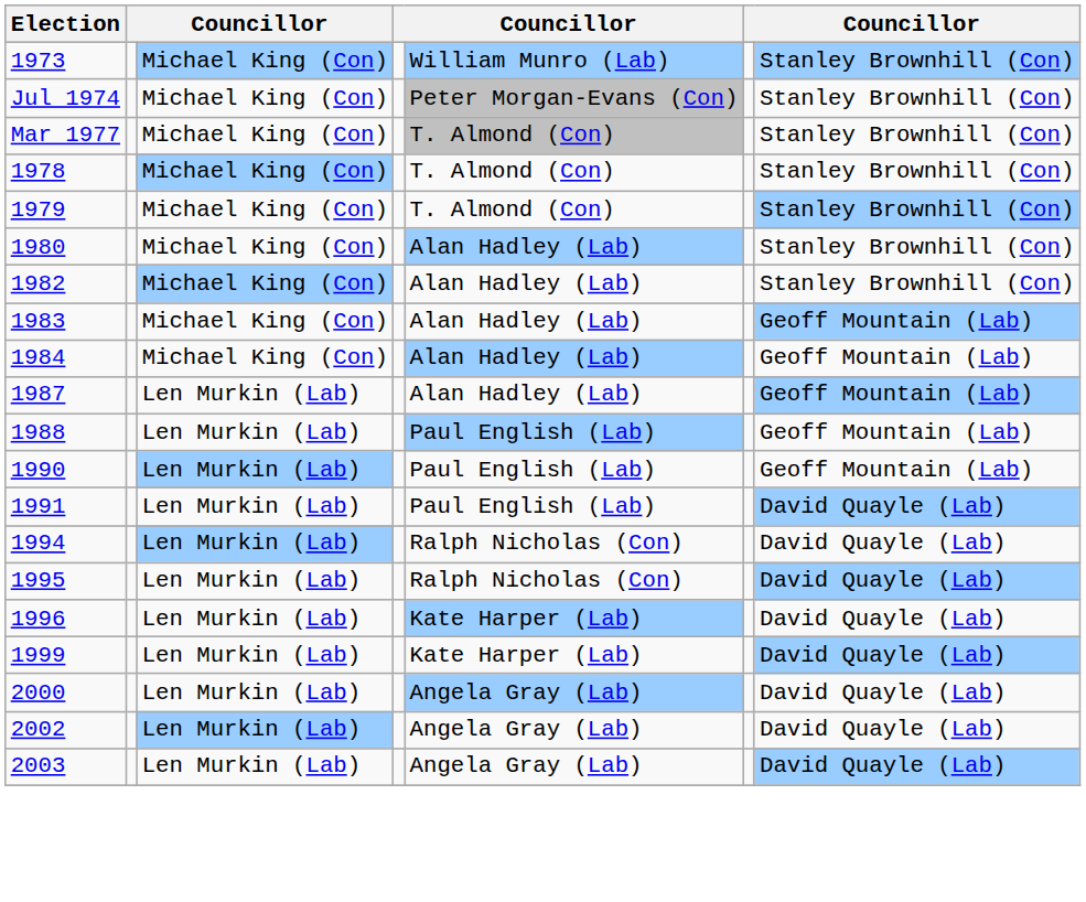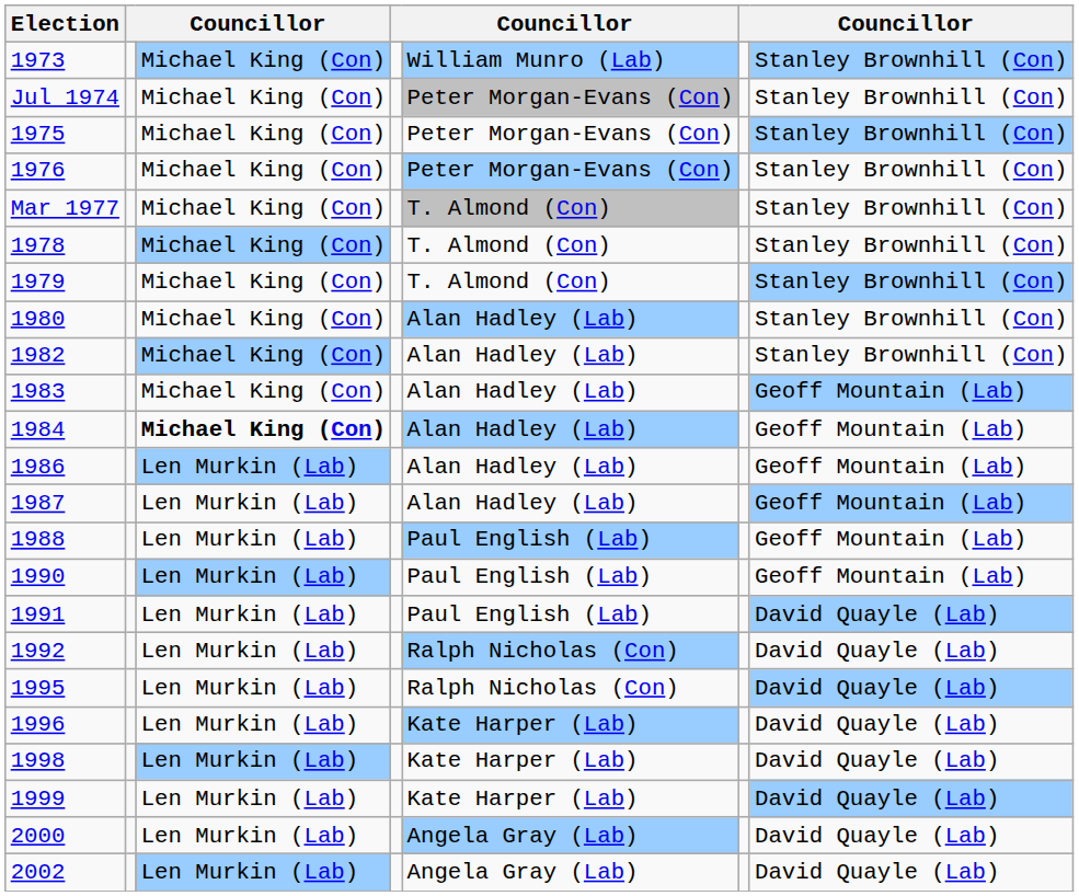 <table class="wikitable">
 <tr>
 <th>Election</th>
 <th colspan="2">Councillor</th>
 <th colspan="2">Councillor</th>
 <th colspan="2">Councillor</th>
 </tr>
 <tr>
 <td><a href='#'>1973</a></td>
 <td style="background-color: "></td>
 <td bgcolor="#99CCFF">Michael King (<a href='#'>Con</a>)</td>
 <td style="background-color: "></td>
 <td bgcolor="#99CCFF">William Munro (<a href='#'>Lab</a>)</td>
 <td style="background-color: "></td>
 <td bgcolor="#99CCFF">Stanley Brownhill (<a href='#'>Con</a>)</td>
 </tr>
 <tr>
 <td><a href='#'>Jul 1974</a></td>
 <td style="background-color: "></td>
 <td>Michael King (<a href='#'>Con</a>)</td>
 <td style="background-color: "></td>
 <td bgcolor="#C0C0C0">Peter Morgan-Evans (<a href='#'>Con</a>)</td>
+<td style="background-color: "></td>
+<td>Stanley Brownhill (<a href='#'>Con</a>)</td>
+</tr>
+<tr>
+<td><a href='#'>1975</a></td>
+<td style="background-color: "></td>
+<td>Michael King (<a href='#'>Con</a>)</td>
+<td style="background-color: "></td>
+<td>Peter Morgan-Evans (<a href='#'>Con</a>)</td>
+<td style="background-color: "></td>
+<td bgcolor="#99CCFF">Stanley Brownhill (<a href='#'>Con</a>)</td>
+</tr>
+<tr>
+<td><a href='#'>1976</a></td>
+<td style="background-color: "></td>
+<td>Michael King (<a href='#'>Con</a>)</td>
+<td style="background-color: "></td>
+<td bgcolor="#99CCFF">Peter Morgan-Evans (<a href='#'>Con</a>)</td>
 <td style="background-color: "></td>
 <td>Stanley Brownhill (<a href='#'>Con</a>)</td>
 </tr>
 <tr>
 <td><a href='#'>Mar 1977</a></td>
 <td style="background-color: "></td>
 <td>Michael King (<a href='#'>Con</a>)</td>
 <td style="background-color: "></td>
 <td bgcolor="#C0C0C0">T. Almond (<a href='#'>Con</a>)</td>
 <td style="background-color: "></td>
 <td>Stanley Brownhill (<a href='#'>Con</a>)</td>
 </tr>
 <tr>
 <td><a href='#'>1978</a></td>
 <td style="background-color: "></td>
 <td bgcolor="#99CCFF">Michael King (<a href='#'>Con</a>)</td>
 <td style="background-color: "></td>
 <td>T. Almond (<a href='#'>Con</a>)</td>
 <td style="background-color: "></td>
 <td>Stanley Brownhill (<a href='#'>Con</a>)</td>
 </tr>
 <tr>
 <td><a href='#'>1979</a></td>
 <td style="background-color: "></td>
 <td>Michael King (<a href='#'>Con</a>)</td>
 <td style="background-color: "></td>
 <td>T. Almond (<a href='#'>Con</a>)</td>
 <td style="background-color: "></td>
 <td bgcolor="#99CCFF">Stanley Brownhill (<a href='#'>Con</a>)</td>
 </tr>
 <tr>
 <td><a href='#'>1980</a></td>
 <td style="background-color: "></td>
 <td>Michael King (<a href='#'>Con</a>)</td>
 <td style="background-color: "></td>
 <td bgcolor="#99CCFF">Alan Hadley (<a href='#'>Lab</a>)</td>
 <td style="background-color: "></td>
 <td>Stanley Brownhill (<a href='#'>Con</a>)</td>
 </tr>
 <tr>
 <td><a href='#'>1982</a></td>
 <td style="background-color: "></td>
 <td bgcolor="#99CCFF">Michael King (<a href='#'>Con</a>)</td>
 <td style="background-color: "></td>
 <td>Alan Hadley (<a href='#'>Lab</a>)</td>
 <td style="background-color: "></td>
 <td>Stanley Brownhill (<a href='#'>Con</a>)</td>
 </tr>
 <tr>
 <td><a href='#'>1983</a></td>
 <td style="background-color: "></td>
 <td>Michael King (<a href='#'>Con</a>)</td>
 <td style="background-color: "></td>
 <td>Alan Hadley (<a href='#'>Lab</a>)</td>
 <td style="background-color: "></td>
 <td bgcolor="#99CCFF">Geoff Mountain (<a href='#'>Lab</a>)</td>
 </tr>
 <tr>
 <td><a href='#'>1984</a></td>
 <td style="background-color: "></td>
-<td>Michael King (<a href='#'>Con</a>)</td>
+<td><strong>Michael King (<a href='#'>Con</a>)</strong></td>
 <td style="background-color: "></td>
 <td bgcolor="#99CCFF">Alan Hadley (<a href='#'>Lab</a>)</td>
+<td style="background-color: "></td>
+<td>Geoff Mountain (<a href='#'>Lab</a>)</td>
+</tr>
+<tr>
+<td><a href='#'>1986</a></td>
+<td style="background-color: "></td>
+<td bgcolor="#99CCFF">Len Murkin (<a href='#'>Lab</a>)</td>
+<td style="background-color: "></td>
+<td>Alan Hadley (<a href='#'>Lab</a>)</td>
 <td style="background-color: "></td>
 <td>Geoff Mountain (<a href='#'>Lab</a>)</td>
 </tr>
 <tr>
 <td><a href='#'>1987</a></td>
 <td style="background-color: "></td>
 <td>Len Murkin (<a href='#'>Lab</a>)</td>
 <td style="background-color: "></td>
 <td>Alan Hadley (<a href='#'>Lab</a>)</td>
 <td style="background-color: "></td>
 <td bgcolor="#99CCFF">Geoff Mountain (<a href='#'>Lab</a>)</td>
 </tr>
 <tr>
 <td><a href='#'>1988</a></td>
 <td style="background-color: "></td>
 <td>Len Murkin (<a href='#'>Lab</a>)</td>
 <td style="background-color: "></td>
 <td bgcolor="#99CCFF">Paul English (<a href='#'>Lab</a>)</td>
 <td style="background-color: "></td>
 <td>Geoff Mountain (<a href='#'>Lab</a>)</td>
 </tr>
 <tr>
 <td><a href='#'>1990</a></td>
 <td style="background-color: "></td>
 <td bgcolor="#99CCFF">Len Murkin (<a href='#'>Lab</a>)</td>
 <td style="background-color: "></td>
 <td>Paul English (<a href='#'>Lab</a>)</td>
 <td style="background-color: "></td>
 <td>Geoff Mountain (<a href='#'>Lab</a>)</td>
 </tr>
 <tr>
 <td><a href='#'>1991</a></td>
 <td style="background-color: "></td>
 <td>Len Murkin (<a href='#'>Lab</a>)</td>
 <td style="background-color: "></td>
 <td>Paul English (<a href='#'>Lab</a>)</td>
 <td style="background-color: "></td>
 <td bgcolor="#99CCFF">David Quayle (<a href='#'>Lab</a>)</td>
 </tr>
 <tr>
-<td><a href='#'>1994</a></td>
+<td><a href='#'>1992</a></td>
 <td style="background-color: "></td>
-<td bgcolor="#99CCFF">Len Murkin (<a href='#'>Lab</a>)</td>
+<td>Len Murkin (<a href='#'>Lab</a>)</td>
 <td style="background-color: "></td>
-<td>Ralph Nicholas (<a href='#'>Con</a>)</td>
+<td bgcolor="#99CCFF">Ralph Nicholas (<a href='#'>Con</a>)</td>
 <td style="background-color: "></td>
 <td>David Quayle (<a href='#'>Lab</a>)</td>
 </tr>
 <tr>
 <td><a href='#'>1995</a></td>
 <td style="background-color: "></td>
 <td>Len Murkin (<a href='#'>Lab</a>)</td>
 <td style="background-color: "></td>
 <td>Ralph Nicholas (<a href='#'>Con</a>)</td>
 <td style="background-color: "></td>
 <td bgcolor="#99CCFF">David Quayle (<a href='#'>Lab</a>)</td>
 </tr>
 <tr>
 <td><a href='#'>1996</a></td>
 <td style="background-color: "></td>
 <td>Len Murkin (<a href='#'>Lab</a>)</td>
 <td style="background-color: "></td>
 <td bgcolor="#99CCFF">Kate Harper (<a href='#'>Lab</a>)</td>
+<td style="background-color: "></td>
+<td>David Quayle (<a href='#'>Lab</a>)</td>
+</tr>
+<tr>
+<td><a href='#'>1998</a></td>
+<td style="background-color: "></td>
+<td bgcolor="#99CCFF">Len Murkin (<a href='#'>Lab</a>)</td>
+<td style="background-color: "></td>
+<td>Kate Harper (<a href='#'>Lab</a>)</td>
 <td style="background-color: "></td>
 <td>David Quayle (<a href='#'>Lab</a>)</td>
 </tr>
 <tr>
 <td><a href='#'>1999</a></td>
 <td style="background-color: "></td>
 <td>Len Murkin (<a href='#'>Lab</a>)</td>
 <td style="background-color: "></td>
 <td>Kate Harper (<a href='#'>Lab</a>)</td>
 <td style="background-color: "></td>
 <td bgcolor="#99CCFF">David Quayle (<a href='#'>Lab</a>)</td>
 </tr>
 <tr>
 <td><a href='#'>2000</a></td>
 <td style="background-color: "></td>
 <td>Len Murkin (<a href='#'>Lab</a>)</td>
 <td style="background-color: "></td>
 <td bgcolor="#99CCFF">Angela Gray (<a href='#'>Lab</a>)</td>
 <td style="background-color: "></td>
 <td>David Quayle (<a href='#'>Lab</a>)</td>
 </tr>
 <tr>
 <td><a href='#'>2002</a></td>
 <td style="background-color: "></td>
 <td bgcolor="#99CCFF">Len Murkin (<a href='#'>Lab</a>)</td>
 <td style="background-color: "></td>
 <td>Angela Gray (<a href='#'>Lab</a>)</td>
 <td style="background-color: "></td>
 <td>David Quayle (<a href='#'>Lab</a>)</td>
 </tr>
 <tr>
-<td><a href='#'>2003</a></td>
-<td style="background-color: "></td>
-<td>Len Murkin (<a href='#'>Lab</a>)</td>
-<td style="background-color: "></td>
-<td>Angela Gray (<a href='#'>Lab</a>)</td>
-<td style="background-color: "></td>
-<td bgcolor="#99CCFF">David Quayle (<a href='#'>Lab</a>)</td>
-</tr>
-<tr>
 </tr>
 </table>
